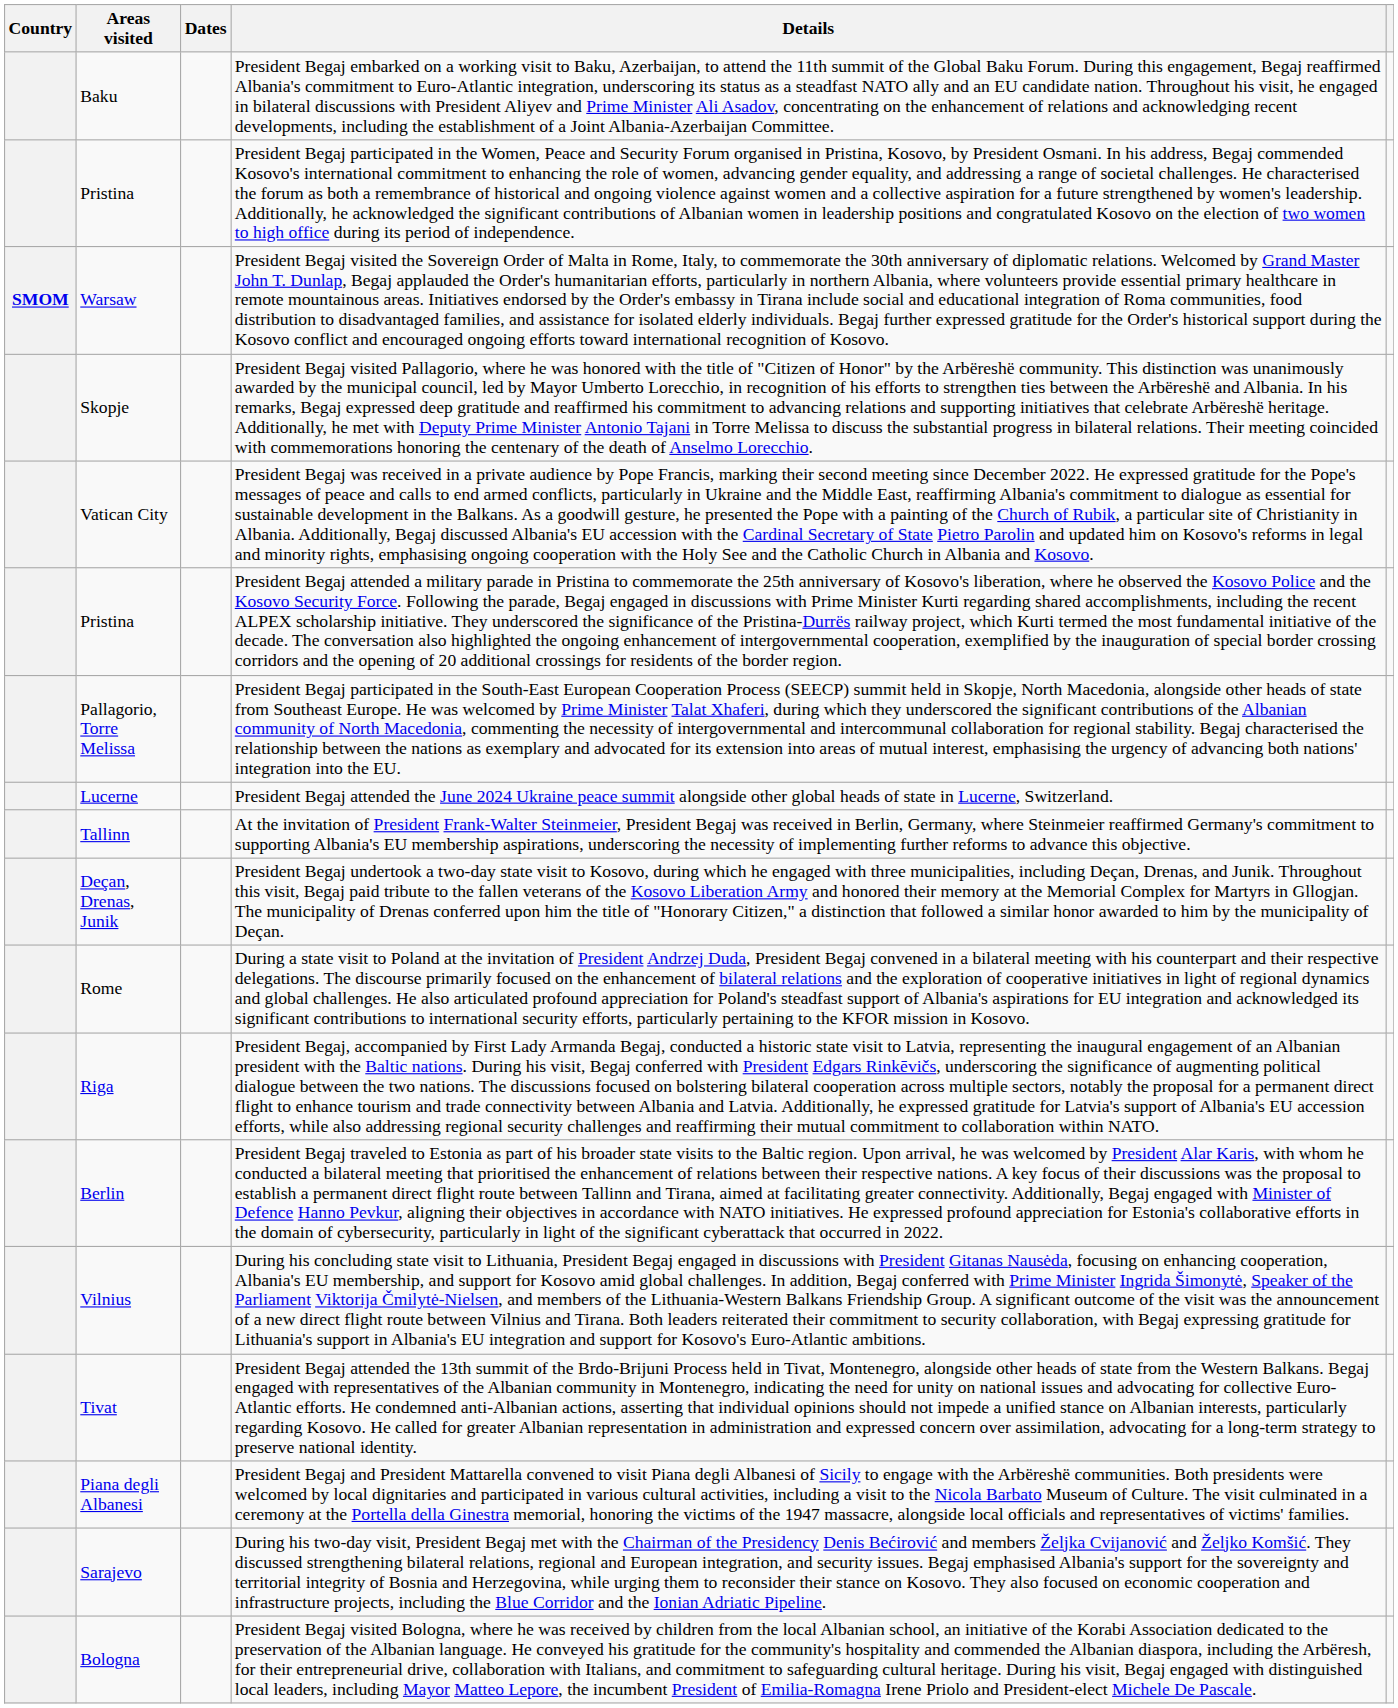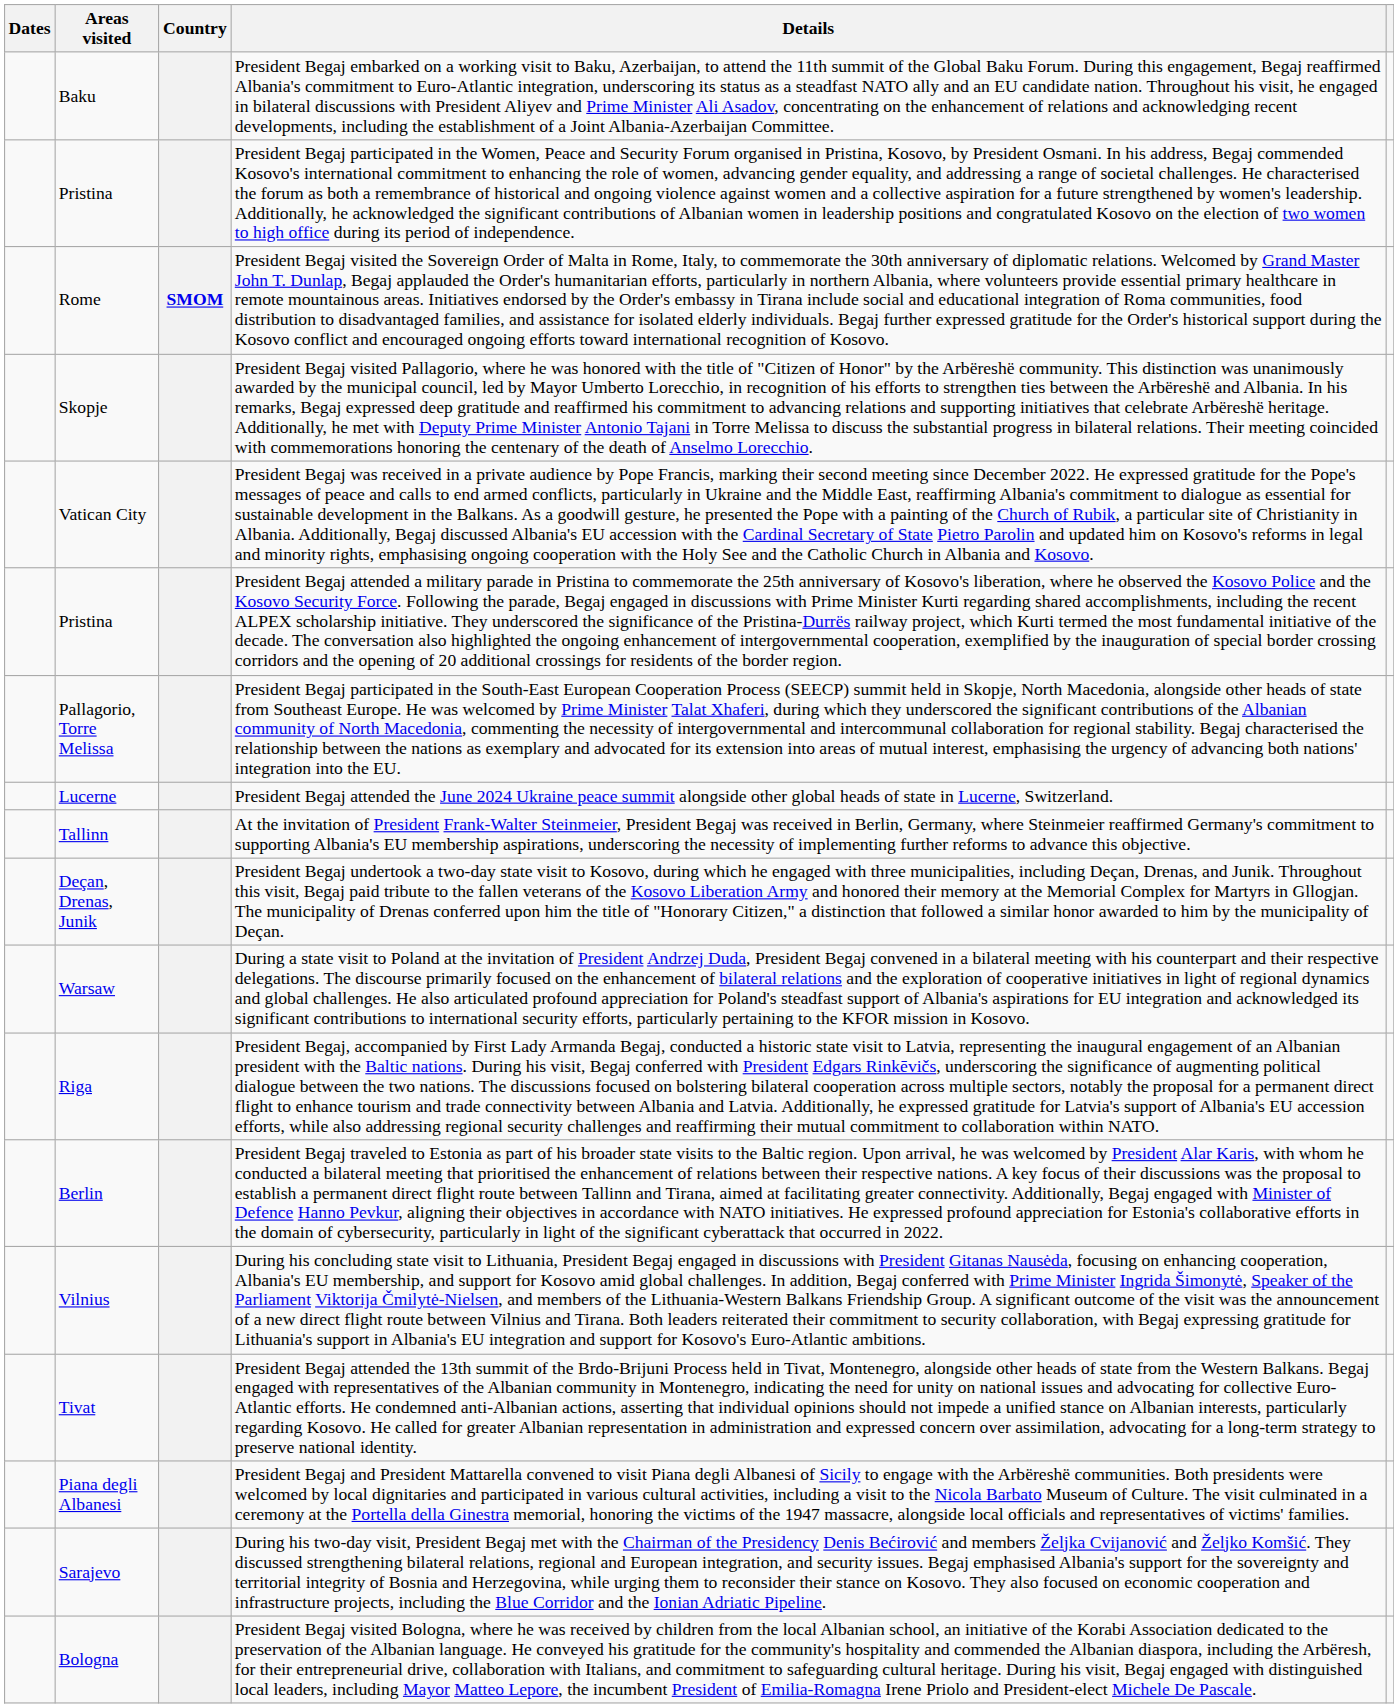 <table class="wikitable sortable" style="margin: 1em auto 1em auto">
 <tr>
+<th>Dates</th>
+<th>Areas visited</th>
 <th>Country</th>
-<th>Areas visited</th>
-<th>Dates</th>
 <th class="unsortable">Details</th>
 <th></th>
 </tr>
 <tr>
+<td></td>
+<td>Baku</td>
 <th></th>
-<td>Baku</td>
-<td></td>
 <td>President Begaj embarked on a working visit to Baku, Azerbaijan, to attend the 11th summit of the Global Baku Forum. During this engagement, Begaj reaffirmed Albania's commitment to Euro-Atlantic integration, underscoring its status as a steadfast NATO ally and an EU candidate nation. Throughout his visit, he engaged in bilateral discussions with President Aliyev and <a href='#'>Prime Minister</a> <a href='#'>Ali Asadov</a>, concentrating on the enhancement of relations and acknowledging recent developments, including the establishment of a Joint Albania-Azerbaijan Committee.</td>
 <td></td>
 </tr>
 <tr>
+<td></td>
+<td>Pristina</td>
 <th></th>
-<td>Pristina</td>
-<td></td>
 <td>President Begaj participated in the Women, Peace and Security Forum organised in Pristina, Kosovo, by President Osmani. In his address, Begaj commended Kosovo's international commitment to enhancing the role of women, advancing gender equality, and addressing a range of societal challenges. He characterised the forum as both a remembrance of historical and ongoing violence against women and a collective aspiration for a future strengthened by women's leadership. Additionally, he acknowledged the significant contributions of Albanian women in leadership positions and congratulated Kosovo on the election of <a href='#'>two women to high office</a> during its period of independence.</td>
 <td></td>
 </tr>
 <tr>
+<td></td>
+<td>Rome</td>
 <th> <a href='#'>SMOM</a></th>
-<td><a href='#'>Warsaw</a></td>
-<td></td>
 <td>President Begaj visited the Sovereign Order of Malta in Rome, Italy, to commemorate the 30th anniversary of diplomatic relations. Welcomed by <a href='#'>Grand Master</a> <a href='#'>John T. Dunlap</a>, Begaj applauded the Order's humanitarian efforts, particularly in northern Albania, where volunteers provide essential primary healthcare in remote mountainous areas. Initiatives endorsed by the Order's embassy in Tirana include social and educational integration of Roma communities, food distribution to disadvantaged families, and assistance for isolated elderly individuals. Begaj further expressed gratitude for the Order's historical support during the Kosovo conflict and encouraged ongoing efforts toward international recognition of Kosovo.</td>
 <td></td>
 </tr>
 <tr>
+<td></td>
+<td>Skopje</td>
 <th></th>
-<td>Skopje</td>
-<td></td>
 <td>President Begaj visited Pallagorio, where he was honored with the title of "Citizen of Honor" by the Arbëreshë community. This distinction was unanimously awarded by the municipal council, led by Mayor Umberto Lorecchio, in recognition of his efforts to strengthen ties between the Arbëreshë and Albania. In his remarks, Begaj expressed deep gratitude and reaffirmed his commitment to advancing relations and supporting initiatives that celebrate Arbëreshë heritage. Additionally, he met with <a href='#'>Deputy Prime Minister</a> <a href='#'>Antonio Tajani</a> in Torre Melissa to discuss the substantial progress in bilateral relations. Their meeting coincided with commemorations honoring the centenary of the death of <a href='#'>Anselmo Lorecchio</a>.</td>
 <td></td>
 </tr>
 <tr>
+<td></td>
+<td>Vatican City</td>
 <th></th>
-<td>Vatican City</td>
-<td></td>
 <td>President Begaj was received in a private audience by Pope Francis, marking their second meeting since December 2022. He expressed gratitude for the Pope's messages of peace and calls to end armed conflicts, particularly in Ukraine and the Middle East, reaffirming Albania's commitment to dialogue as essential for sustainable development in the Balkans. As a goodwill gesture, he presented the Pope with a painting of the <a href='#'>Church of Rubik</a>, a particular site of Christianity in Albania. Additionally, Begaj discussed Albania's EU accession with the <a href='#'>Cardinal Secretary of State</a> <a href='#'>Pietro Parolin</a> and updated him on Kosovo's reforms in legal and minority rights, emphasising ongoing cooperation with the Holy See and the Catholic Church in Albania and <a href='#'>Kosovo</a>.</td>
 <td></td>
 </tr>
 <tr>
+<td></td>
+<td>Pristina</td>
 <th></th>
-<td>Pristina</td>
-<td></td>
 <td>President Begaj attended a military parade in Pristina to commemorate the 25th anniversary of Kosovo's liberation, where he observed the <a href='#'>Kosovo Police</a> and the <a href='#'>Kosovo Security Force</a>. Following the parade, Begaj engaged in discussions with Prime Minister Kurti regarding shared accomplishments, including the recent ALPEX scholarship initiative. They underscored the significance of the Pristina-<a href='#'>Durrës</a> railway project, which Kurti termed the most fundamental initiative of the decade. The conversation also highlighted the ongoing enhancement of intergovernmental cooperation, exemplified by the inauguration of special border crossing corridors and the opening of 20 additional crossings for residents of the border region.</td>
 <td></td>
 </tr>
 <tr>
+<td></td>
+<td>Pallagorio, <a href='#'>Torre Melissa</a></td>
 <th></th>
-<td>Pallagorio, <a href='#'>Torre Melissa</a></td>
-<td></td>
 <td>President Begaj participated in the South-East European Cooperation Process (SEECP) summit held in Skopje, North Macedonia, alongside other heads of state from Southeast Europe. He was welcomed by <a href='#'>Prime Minister</a> <a href='#'>Talat Xhaferi</a>, during which they underscored the significant contributions of the <a href='#'>Albanian community of North Macedonia</a>, commenting the necessity of intergovernmental and intercommunal collaboration for regional stability. Begaj characterised the relationship between the nations as exemplary and advocated for its extension into areas of mutual interest, emphasising the urgency of advancing both nations' integration into the EU.</td>
 <td></td>
 </tr>
 <tr>
+<td></td>
+<td><a href='#'>Lucerne</a></td>
 <th></th>
-<td><a href='#'>Lucerne</a></td>
-<td></td>
 <td>President Begaj attended the <a href='#'>June 2024 Ukraine peace summit</a> alongside other global heads of state in <a href='#'>Lucerne</a>, Switzerland.</td>
 <td></td>
 </tr>
 <tr>
+<td></td>
+<td><a href='#'>Tallinn</a></td>
 <th></th>
-<td><a href='#'>Tallinn</a></td>
-<td></td>
 <td>At the invitation of <a href='#'>President</a> <a href='#'>Frank-Walter Steinmeier</a>, President Begaj was received in Berlin, Germany, where Steinmeier reaffirmed Germany's commitment to supporting Albania's EU membership aspirations, underscoring the necessity of implementing further reforms to advance this objective.</td>
 <td></td>
 </tr>
 <tr>
+<td></td>
+<td><a href='#'>Deçan</a>, <a href='#'>Drenas</a>, <a href='#'>Junik</a></td>
 <th></th>
-<td><a href='#'>Deçan</a>, <a href='#'>Drenas</a>, <a href='#'>Junik</a></td>
-<td></td>
 <td>President Begaj undertook a two-day state visit to Kosovo, during which he engaged with three municipalities, including Deçan, Drenas, and Junik. Throughout this visit, Begaj paid tribute to the fallen veterans of the <a href='#'>Kosovo Liberation Army</a> and honored their memory at the Memorial Complex for Martyrs in Gllogjan. The municipality of Drenas conferred upon him the title of "Honorary Citizen," a distinction that followed a similar honor awarded to him by the municipality of Deçan.</td>
 <td></td>
 </tr>
 <tr>
+<td></td>
+<td><a href='#'>Warsaw</a></td>
 <th></th>
-<td>Rome</td>
-<td></td>
 <td>During a state visit to Poland at the invitation of <a href='#'>President</a> <a href='#'>Andrzej Duda</a>, President Begaj convened in a bilateral meeting with his counterpart and their respective delegations. The discourse primarily focused on the enhancement of <a href='#'>bilateral relations</a> and the exploration of cooperative initiatives in light of regional dynamics and global challenges. He also articulated profound appreciation for Poland's steadfast support of Albania's aspirations for EU integration and acknowledged its significant contributions to international security efforts, particularly pertaining to the KFOR mission in Kosovo.</td>
 <td></td>
 </tr>
 <tr>
+<td></td>
+<td><a href='#'>Riga</a></td>
 <th></th>
-<td><a href='#'>Riga</a></td>
-<td></td>
 <td>President Begaj, accompanied by First Lady Armanda Begaj, conducted a historic state visit to Latvia, representing the inaugural engagement of an Albanian president with the <a href='#'>Baltic nations</a>. During his visit, Begaj conferred with <a href='#'>President</a> <a href='#'>Edgars Rinkēvičs</a>, underscoring the significance of augmenting political dialogue between the two nations. The discussions focused on bolstering bilateral cooperation across multiple sectors, notably the proposal for a permanent direct flight to enhance tourism and trade connectivity between Albania and Latvia. Additionally, he expressed gratitude for Latvia's support of Albania's EU accession efforts, while also addressing regional security challenges and reaffirming their mutual commitment to collaboration within NATO.</td>
 <td></td>
 </tr>
 <tr>
+<td></td>
+<td><a href='#'>Berlin</a></td>
 <th></th>
-<td><a href='#'>Berlin</a></td>
-<td></td>
 <td>President Begaj traveled to Estonia as part of his broader state visits to the Baltic region. Upon arrival, he was welcomed by <a href='#'>President</a> <a href='#'>Alar Karis</a>, with whom he conducted a bilateral meeting that prioritised the enhancement of relations between their respective nations. A key focus of their discussions was the proposal to establish a permanent direct flight route between Tallinn and Tirana, aimed at facilitating greater connectivity. Additionally, Begaj engaged with  <a href='#'>Minister of Defence</a> <a href='#'>Hanno Pevkur</a>, aligning their objectives in accordance with NATO initiatives. He expressed profound appreciation for Estonia's collaborative efforts in the domain of cybersecurity, particularly in light of the significant cyberattack that occurred in 2022.</td>
 <td></td>
 </tr>
 <tr>
+<td></td>
+<td><a href='#'>Vilnius</a></td>
 <th></th>
-<td><a href='#'>Vilnius</a></td>
-<td></td>
 <td>During his concluding state visit to Lithuania, President Begaj engaged in discussions with <a href='#'>President</a> <a href='#'>Gitanas Nausėda</a>, focusing on enhancing cooperation, Albania's EU membership, and support for Kosovo amid global challenges. In addition, Begaj conferred with <a href='#'>Prime Minister</a> <a href='#'>Ingrida Šimonytė</a>, <a href='#'>Speaker of the Parliament</a> <a href='#'>Viktorija Čmilytė-Nielsen</a>, and members of the Lithuania-Western Balkans Friendship Group. A significant outcome of the visit was the announcement of a new direct flight route between Vilnius and Tirana. Both leaders reiterated their commitment to security collaboration, with Begaj expressing gratitude for Lithuania's support in Albania's EU integration and support for Kosovo's Euro-Atlantic ambitions.</td>
 <td></td>
 </tr>
 <tr>
+<td></td>
+<td><a href='#'>Tivat</a></td>
 <th></th>
-<td><a href='#'>Tivat</a></td>
-<td></td>
 <td>President Begaj attended the 13th summit of the Brdo-Brijuni Process held in Tivat, Montenegro, alongside other heads of state from the Western Balkans. Begaj engaged with representatives of the Albanian community in Montenegro, indicating the need for unity on national issues and advocating for collective Euro-Atlantic efforts. He condemned anti-Albanian actions, asserting that individual opinions should not impede a unified stance on Albanian interests, particularly regarding Kosovo. He called for greater Albanian representation in administration and expressed concern over assimilation, advocating for a long-term strategy to preserve national identity.</td>
 <td></td>
 </tr>
 <tr>
+<td></td>
+<td><a href='#'>Piana degli Albanesi</a></td>
 <th></th>
-<td><a href='#'>Piana degli Albanesi</a></td>
-<td></td>
 <td>President Begaj and President Mattarella  convened to visit Piana degli Albanesi of <a href='#'>Sicily</a> to engage with the Arbëreshë communities. Both presidents were welcomed by local dignitaries and participated in various cultural activities, including a visit to the <a href='#'>Nicola Barbato</a> Museum of Culture. The visit culminated in a ceremony at the <a href='#'>Portella della Ginestra</a> memorial, honoring the victims of the 1947 massacre, alongside local officials and representatives of victims' families.</td>
 <td></td>
 </tr>
 <tr>
+<td></td>
+<td><a href='#'>Sarajevo</a></td>
 <th></th>
-<td><a href='#'>Sarajevo</a></td>
-<td></td>
 <td>During his two-day visit, President Begaj met with the <a href='#'>Chairman of the Presidency</a> <a href='#'>Denis Bećirović</a> and members <a href='#'>Željka Cvijanović</a> and <a href='#'>Željko Komšić</a>. They discussed strengthening bilateral relations, regional and European integration, and security issues. Begaj emphasised Albania's support for the sovereignty and territorial integrity of Bosnia and Herzegovina, while urging them to reconsider their stance on Kosovo. They also focused on economic cooperation and infrastructure projects, including the <a href='#'>Blue Corridor</a> and the <a href='#'>Ionian Adriatic Pipeline</a>.</td>
 <td></td>
 </tr>
 <tr>
+<td></td>
+<td><a href='#'>Bologna</a></td>
 <th></th>
-<td><a href='#'>Bologna</a></td>
-<td></td>
 <td>President Begaj visited Bologna, where he was received by children from the local Albanian school, an initiative of the Korabi Association dedicated to the preservation of the Albanian language. He conveyed his gratitude for the community's hospitality and commended the Albanian diaspora, including the Arbëresh, for their entrepreneurial drive, collaboration with Italians, and commitment to safeguarding cultural heritage. During his visit, Begaj engaged with distinguished local leaders, including <a href='#'>Mayor</a> <a href='#'>Matteo Lepore</a>, the incumbent <a href='#'>President</a> of <a href='#'>Emilia-Romagna</a> Irene Priolo and President-elect <a href='#'>Michele De Pascale</a>.</td>
 <td></td>
 </tr>
 </table>
